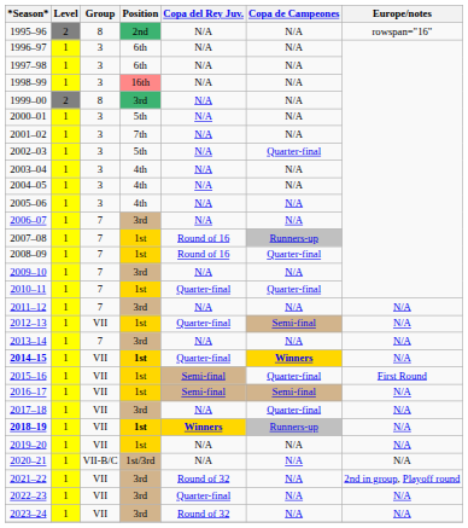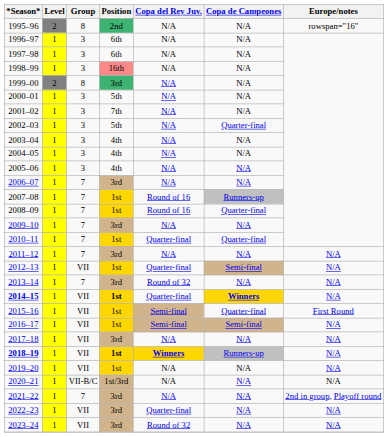 <table class="wikitable" style="text-align:center; font-size:90%">
 <tr>
 <th>*Season*</th>
 <th>Level</th>
 <th>Group</th>
 <th>Position</th>
 <th><a href='#'>Copa del Rey Juv.</a></th>
 <th><a href='#'>Copa de Campeones</a></th>
 <th>Europe/notes</th>
 </tr>
 <tr>
 <td>1995–96</td>
 <td bgcolor=#808080>2</td>
 <td>8</td>
 <td bgcolor="#3CB371">2nd</td>
 <td>N/A</td>
 <td>N/A</td>
 <td>rowspan="16" </td>
 </tr>
 <tr>
 <td>1996–97</td>
 <td bgcolor=#FFFF00>1</td>
 <td>3</td>
 <td>6th</td>
 <td>N/A</td>
 <td>N/A</td>
 </tr>
 <tr>
 <td>1997–98</td>
 <td bgcolor=#FFFF00>1</td>
 <td>3</td>
 <td>6th</td>
 <td>N/A</td>
 <td>N/A</td>
 </tr>
 <tr>
 <td>1998–99</td>
 <td bgcolor=#FFFF00>1</td>
 <td>3</td>
 <td bgcolor=#FF8888>16th</td>
 <td>N/A</td>
 <td>N/A</td>
 </tr>
 <tr>
 <td>1999–00</td>
 <td bgcolor=#808080>2</td>
 <td>8</td>
 <td bgcolor="#3CB371">3rd</td>
 <td><a href='#'>N/A</a></td>
 <td>N/A</td>
 </tr>
 <tr>
 <td>2000–01</td>
 <td bgcolor=#FFFF00>1</td>
 <td>3</td>
 <td>5th</td>
 <td><a href='#'>N/A</a></td>
 <td>N/A</td>
 </tr>
 <tr>
 <td>2001–02</td>
 <td bgcolor=#FFFF00>1</td>
 <td>3</td>
 <td>7th</td>
 <td><a href='#'>N/A</a></td>
 <td>N/A</td>
 </tr>
 <tr>
 <td>2002–03</td>
 <td bgcolor=#FFFF00>1</td>
 <td>3</td>
 <td>5th</td>
 <td><a href='#'>N/A</a></td>
 <td><a href='#'>Quarter-final</a></td>
 </tr>
 <tr>
 <td>2003–04</td>
 <td bgcolor=#FFFF00>1</td>
 <td>3</td>
 <td>4th</td>
 <td><a href='#'>N/A</a></td>
 <td>N/A</td>
 </tr>
 <tr>
 <td>2004–05</td>
 <td bgcolor=#FFFF00>1</td>
 <td>3</td>
 <td>4th</td>
 <td><a href='#'>N/A</a></td>
 <td>N/A</td>
 </tr>
 <tr>
 <td>2005–06</td>
 <td bgcolor=#FFFF00>1</td>
 <td>3</td>
 <td>4th</td>
 <td><a href='#'>N/A</a></td>
 <td><a href='#'>N/A</a></td>
 </tr>
 <tr>
 <td><a href='#'>2006–07</a></td>
 <td bgcolor=#FFFF00>1</td>
 <td>7</td>
 <td bgcolor=#D2B48C>3rd</td>
 <td><a href='#'>N/A</a></td>
 <td><a href='#'>N/A</a></td>
 </tr>
 <tr>
 <td>2007–08</td>
 <td bgcolor=#FFFF00>1</td>
 <td>7</td>
 <td bgcolor=gold>1st</td>
 <td><a href='#'>Round of 16</a></td>
 <td bgcolor=silver><a href='#'>Runners-up</a></td>
 </tr>
 <tr>
 <td>2008–09</td>
 <td bgcolor=#FFFF00>1</td>
 <td>7</td>
 <td bgcolor=gold>1st</td>
 <td><a href='#'>Round of 16</a></td>
 <td><a href='#'>Quarter-final</a></td>
 </tr>
 <tr>
 <td><a href='#'>2009–10</a></td>
 <td bgcolor=#FFFF00>1</td>
 <td>7</td>
 <td bgcolor=#D2B48C>3rd</td>
 <td><a href='#'>N/A</a></td>
 <td><a href='#'>N/A</a></td>
 </tr>
 <tr>
 <td><a href='#'>2010–11</a></td>
 <td bgcolor=#FFFF00>1</td>
 <td>7</td>
 <td bgcolor=gold>1st</td>
 <td><a href='#'>Quarter-final</a></td>
 <td><a href='#'>Quarter-final</a></td>
 </tr>
 <tr>
 <td><a href='#'>2011–12</a></td>
 <td bgcolor=#FFFF00>1</td>
 <td>7</td>
 <td bgcolor=#D2B48C>3rd</td>
 <td><a href='#'>N/A</a></td>
 <td><a href='#'>N/A</a></td>
 <td><a href='#'>N/A</a></td>
 </tr>
 <tr>
 <td><a href='#'>2012–13</a></td>
 <td bgcolor=#FFFF00>1</td>
 <td>VII</td>
 <td bgcolor=gold>1st</td>
 <td><a href='#'>Quarter-final</a></td>
 <td bgcolor=#D2B48C><a href='#'>Semi-final</a></td>
 <td><a href='#'>N/A</a></td>
 </tr>
 <tr>
 <td><a href='#'>2013–14</a></td>
 <td bgcolor=#FFFF00>1</td>
 <td>7</td>
 <td bgcolor=#D2B48C>3rd</td>
-<td><a href='#'>N/A</a></td>
+<td><a href='#'>Round of 32</a></td>
 <td><a href='#'>N/A</a></td>
 <td><a href='#'>N/A</a></td>
 </tr>
 <tr>
 <td><strong><a href='#'>2014–15</a></strong></td>
 <td bgcolor=#FFFF00>1</td>
 <td>VII</td>
 <td bgcolor=gold><strong>1st</strong></td>
 <td><a href='#'>Quarter-final</a></td>
 <td bgcolor=gold><a href='#'><strong>Winners</strong></a></td>
 <td><a href='#'>N/A</a></td>
 </tr>
 <tr>
 <td><a href='#'>2015–16</a></td>
 <td bgcolor=#FFFF00>1</td>
 <td>VII</td>
 <td bgcolor=gold>1st</td>
 <td bgcolor=#D2B48C><a href='#'>Semi-final</a></td>
 <td><a href='#'>Quarter-final</a></td>
 <td><a href='#'>First Round</a></td>
 </tr>
 <tr>
 <td><a href='#'>2016–17</a></td>
 <td bgcolor=#FFFF00>1</td>
 <td>VII</td>
 <td bgcolor=gold>1st</td>
 <td bgcolor=#D2B48C><a href='#'>Semi-final</a></td>
 <td bgcolor=#D2B48C><a href='#'>Semi-final</a></td>
 <td><a href='#'>N/A</a></td>
 </tr>
 <tr>
 <td><a href='#'>2017–18</a></td>
 <td bgcolor=#FFFF00>1</td>
 <td>VII</td>
 <td bgcolor=#D2B48C>3rd</td>
 <td><a href='#'>N/A</a></td>
-<td><a href='#'>Quarter-final</a></td>
+<td><a href='#'>N/A</a></td>
 <td><a href='#'>N/A</a></td>
 </tr>
 <tr>
 <td><strong><a href='#'>2018–19</a></strong></td>
 <td bgcolor=#FFFF00>1</td>
 <td>VII</td>
 <td bgcolor=gold><strong>1st</strong></td>
 <td bgcolor=gold><strong><a href='#'>Winners</a></strong></td>
 <td bgcolor=silver><a href='#'>Runners-up</a></td>
 <td><a href='#'>N/A</a></td>
 </tr>
 <tr>
 <td><a href='#'>2019–20</a></td>
 <td bgcolor=#FFFF00>1</td>
 <td>VII</td>
 <td bgcolor=gold>1st</td>
 <td>N/A</td>
 <td>N/A</td>
 <td><a href='#'>N/A</a></td>
 </tr>
 <tr>
 <td><a href='#'>2020–21</a></td>
 <td bgcolor="#FFFF00">1</td>
 <td>VII-B/C</td>
 <td bgcolor=#D2B48C>1st/3rd</td>
 <td>N/A</td>
 <td><a href='#'>N/A</a></td>
 <td>N/A</td>
 </tr>
 <tr>
 <td><a href='#'>2021–22</a></td>
 <td bgcolor=#FFFF00>1</td>
-<td>VII</td>
+<td>7</td>
 <td bgcolor=#D2B48C>3rd</td>
-<td><a href='#'>Round of 32</a></td>
+<td><a href='#'>N/A</a></td>
 <td><a href='#'>N/A</a></td>
 <td><a href='#'>2nd in group</a>, <a href='#'>Playoff round</a></td>
 </tr>
 <tr>
 <td><a href='#'>2022–23</a></td>
 <td bgcolor=#FFFF00>1</td>
 <td>VII</td>
 <td bgcolor=#D2B48C>3rd</td>
 <td><a href='#'>Quarter-final</a></td>
 <td><a href='#'>N/A</a></td>
 <td><a href='#'>N/A</a></td>
 </tr>
 <tr>
 <td><a href='#'>2023–24</a></td>
 <td bgcolor=#FFFF00>1</td>
 <td>VII</td>
 <td bgcolor=#D2B48C>3rd</td>
 <td><a href='#'>Round of 32</a></td>
 <td><a href='#'>N/A</a></td>
 <td><a href='#'>N/A</a></td>
 </tr>
 <tr>
 </tr>
 </table>
